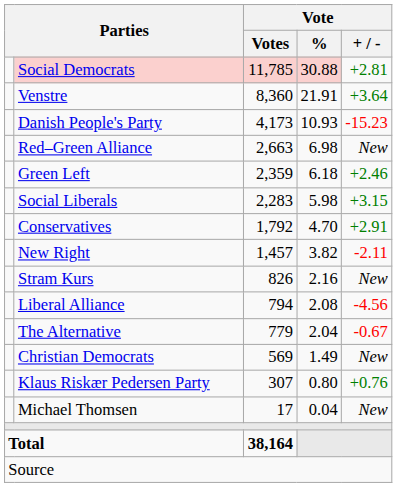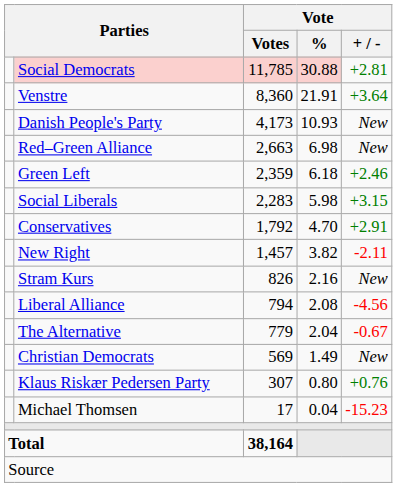 <table class="wikitable" style="text-align:right;">
 <tr>
 <th style="text-align:centre;" rowspan="2" colspan="2" width="225">Parties</th>
 <th colspan="3">Vote</th>
 </tr>
 <tr>
 <th width="15">Votes</th>
 <th width="15">%</th>
 <th width="15">+ / -</th>
 </tr>
 <tr>
 <td width="2" style="color:inherit;background:"></td>
 <td bgcolor=#fbd0ce  align="left"><a href='#'>Social Democrats</a></td>
 <td bgcolor=#fbd0ce>11,785</td>
 <td bgcolor=#fbd0ce>30.88</td>
 <td style=color:green;>+2.81</td>
 </tr>
 <tr>
 <td width="2" style="color:inherit;background:"></td>
 <td align="left"><a href='#'>Venstre</a></td>
 <td>8,360</td>
 <td>21.91</td>
 <td style=color:green;>+3.64</td>
 </tr>
 <tr>
 <td width="2" style="color:inherit;background:"></td>
 <td align="left"><a href='#'>Danish People's Party</a></td>
 <td>4,173</td>
 <td>10.93</td>
-<td style=color:red;>-15.23</td>
+<td><em>New</em></td>
 </tr>
 <tr>
 <td width="2" style="color:inherit;background:"></td>
 <td align="left"><a href='#'>Red–Green Alliance</a></td>
 <td>2,663</td>
 <td>6.98</td>
 <td><em>New</em></td>
 </tr>
 <tr>
 <td width="2" style="color:inherit;background:"></td>
 <td align="left"><a href='#'>Green Left</a></td>
 <td>2,359</td>
 <td>6.18</td>
 <td style=color:green;>+2.46</td>
 </tr>
 <tr>
 <td width="2" style="color:inherit;background:"></td>
 <td align="left"><a href='#'>Social Liberals</a></td>
 <td>2,283</td>
 <td>5.98</td>
 <td style=color:green;>+3.15</td>
 </tr>
 <tr>
 <td width="2" style="color:inherit;background:"></td>
 <td align="left"><a href='#'>Conservatives</a></td>
 <td>1,792</td>
 <td>4.70</td>
 <td style=color:green;>+2.91</td>
 </tr>
 <tr>
 <td width="2" style="color:inherit;background:"></td>
 <td align="left"><a href='#'>New Right</a></td>
 <td>1,457</td>
 <td>3.82</td>
 <td style=color:red;>-2.11</td>
 </tr>
 <tr>
 <td width="2" style="color:inherit;background:"></td>
 <td align="left"><a href='#'>Stram Kurs</a></td>
 <td>826</td>
 <td>2.16</td>
 <td><em>New</em></td>
 </tr>
 <tr>
 <td width="2" style="color:inherit;background:"></td>
 <td align="left"><a href='#'>Liberal Alliance</a></td>
 <td>794</td>
 <td>2.08</td>
 <td style=color:red;>-4.56</td>
 </tr>
 <tr>
 <td width="2" style="color:inherit;background:"></td>
 <td align="left"><a href='#'>The Alternative</a></td>
 <td>779</td>
 <td>2.04</td>
 <td style=color:red;>-0.67</td>
 </tr>
 <tr>
 <td width="2" style="color:inherit;background:"></td>
 <td align="left"><a href='#'>Christian Democrats</a></td>
 <td>569</td>
 <td>1.49</td>
 <td><em>New</em></td>
 </tr>
 <tr>
 <td width="2" style="color:inherit;background:"></td>
 <td align="left"><a href='#'>Klaus Riskær Pedersen Party</a></td>
 <td>307</td>
 <td>0.80</td>
 <td style=color:green;>+0.76</td>
 </tr>
 <tr>
 <td width="2" style="color:inherit;background:"></td>
 <td align="left">Michael Thomsen</td>
 <td>17</td>
 <td>0.04</td>
-<td><em>New</em></td>
+<td style=color:red;>-15.23</td>
 </tr>
 <tr>
 <td colspan="7" bgcolor="#E9E9E9"></td>
 </tr>
 <tr>
 <td align="left" colspan="2"><strong>Total</strong></td>
 <td><strong>38,164</strong></td>
 <td bgcolor="#E9E9E9" colspan="2"></td>
 </tr>
 <tr>
 <td align="left" colspan="6">Source</td>
 </tr>
 </table>
